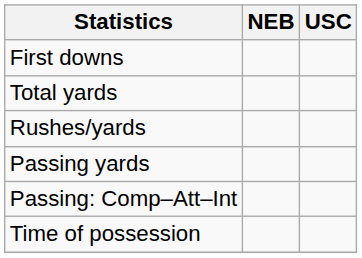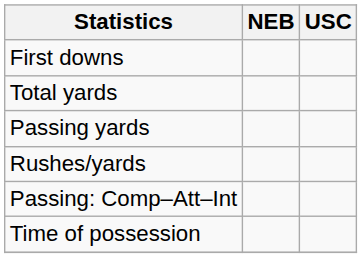 <table class="wikitable" style="float: left;">
 <tr>
 <th>Statistics</th>
 <th>NEB</th>
 <th>USC</th>
 </tr>
 <tr>
 <td>First downs</td>
 <td></td>
 <td></td>
 </tr>
 <tr>
 <td>Total yards</td>
 <td></td>
 <td></td>
 </tr>
 <tr>
-<td>Rushes/yards</td>
+<td>Passing yards</td>
 <td></td>
 <td></td>
 </tr>
 <tr>
-<td>Passing yards</td>
+<td>Rushes/yards</td>
 <td></td>
 <td></td>
 </tr>
 <tr>
 <td>Passing: Comp–Att–Int</td>
 <td></td>
 <td></td>
 </tr>
 <tr>
 <td>Time of possession</td>
 <td></td>
 <td></td>
 </tr>
 <tr>
 </tr>
 </table>
